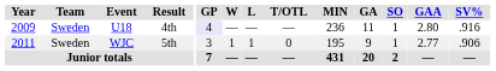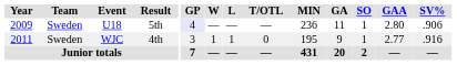 <table border="0" cellpadding="1" cellspacing="0" ID="Table3" style="text-align:center; width:40em">
 <tr ALIGN="center" bgcolor="#e0e0e0">
 <th>Year</th>
 <th>Team</th>
 <th>Event</th>
 <th>Result</th>
 <th rowspan="99" bgcolor="#ffffff"></th>
 <th>GP</th>
 <th>W</th>
 <th>L</th>
 <th>T/OTL</th>
 <th>MIN</th>
 <th>GA</th>
 <th><a href='#'>SO</a></th>
 <th><a href='#'>GAA</a></th>
 <th><a href='#'>SV%</a></th>
 </tr>
 <tr ALIGN="center">
 <td><a href='#'>2009</a></td>
 <td><a href='#'>Sweden</a></td>
 <td><a href='#'>U18</a></td>
-<td>4th</td>
+<td>5th</td>
 <td style="background: lavender;">4</td>
 <td>—</td>
 <td>—</td>
 <td>—</td>
 <td>236</td>
 <td>11</td>
 <td>1</td>
 <td>2.80</td>
-<td>.916</td>
+<td>.906</td>
 </tr>
 <tr ALIGN="center" bgcolor="#f0f0f0">
 <td><a href='#'>2011</a></td>
 <td>Sweden</td>
 <td><a href='#'>WJC</a></td>
-<td>5th</td>
+<td>4th</td>
 <td>3</td>
 <td>1</td>
 <td>1</td>
 <td>0</td>
 <td>195</td>
 <td>9</td>
 <td>1</td>
 <td>2.77</td>
-<td>.906</td>
+<td>.916</td>
 </tr>
 <tr ALIGN="center" bgcolor="#e0e0e0">
 <th colspan=4>Junior totals</th>
 <th>7</th>
 <th>—</th>
 <th>—</th>
 <th>—</th>
 <th>431</th>
 <th>20</th>
 <th>2</th>
 <th>—</th>
 <th>—</th>
 </tr>
 </table>
